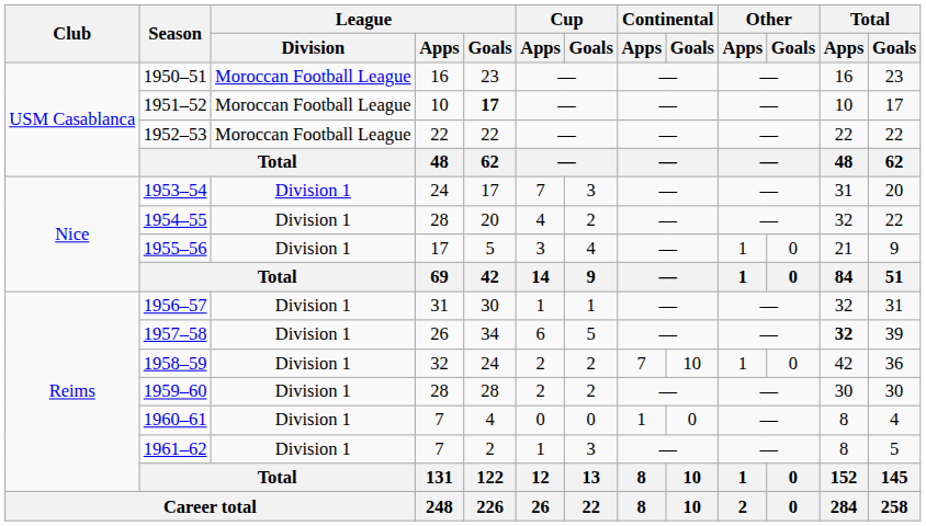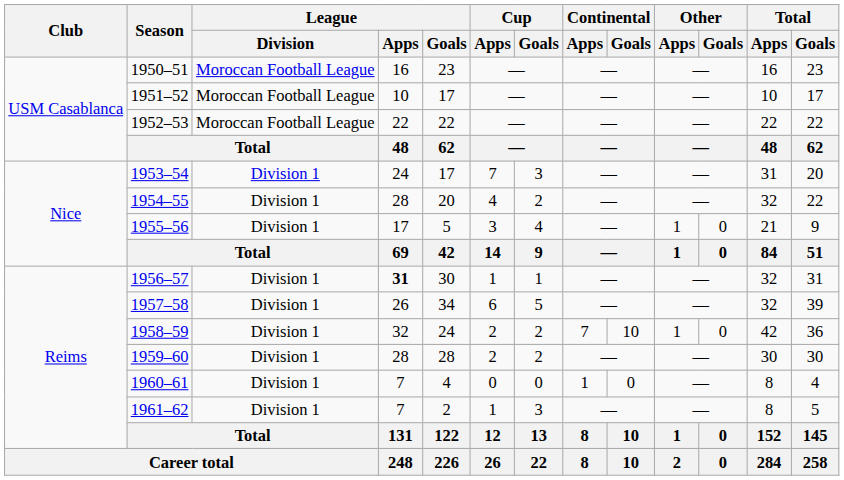 <table class=wikitable style=text-align:center>
 <tr>
 <th rowspan=2>Club</th>
 <th rowspan=2>Season</th>
 <th colspan=3>League</th>
 <th colspan=2>Cup</th>
 <th colspan=2>Continental</th>
 <th colspan=2>Other</th>
 <th colspan=2>Total</th>
 </tr>
 <tr>
 <th>Division</th>
 <th>Apps</th>
 <th>Goals</th>
 <th>Apps</th>
 <th>Goals</th>
 <th>Apps</th>
 <th>Goals</th>
 <th>Apps</th>
 <th>Goals</th>
 <th>Apps</th>
 <th>Goals</th>
 </tr>
 <tr>
 <td rowspan=4><a href='#'>USM Casablanca</a></td>
 <td>1950–51</td>
 <td><a href='#'>Moroccan Football League</a></td>
 <td>16</td>
 <td>23</td>
 <td colspan="2">—</td>
 <td colspan="2">—</td>
 <td colspan="2">—</td>
 <td>16</td>
 <td>23</td>
 </tr>
 <tr>
 <td>1951–52</td>
 <td>Moroccan Football League</td>
 <td>10</td>
-<td><strong>17</strong></td>
+<td>17</td>
 <td colspan="2">—</td>
 <td colspan="2">—</td>
 <td colspan="2">—</td>
 <td>10</td>
 <td>17</td>
 </tr>
 <tr>
 <td>1952–53</td>
 <td>Moroccan Football League</td>
 <td>22</td>
 <td>22</td>
 <td colspan="2">—</td>
 <td colspan="2">—</td>
 <td colspan="2">—</td>
 <td>22</td>
 <td>22</td>
 </tr>
 <tr>
 <th colspan=2>Total</th>
 <th>48</th>
 <th>62</th>
 <th colspan="2">—</th>
 <th colspan="2">—</th>
 <th colspan="2">—</th>
 <th>48</th>
 <th>62</th>
 </tr>
 <tr>
 <td rowspan=4><a href='#'>Nice</a></td>
 <td><a href='#'>1953–54</a></td>
 <td><a href='#'>Division 1</a></td>
 <td>24</td>
 <td>17</td>
 <td>7</td>
 <td>3</td>
 <td colspan="2">—</td>
 <td colspan="2">—</td>
 <td>31</td>
 <td>20</td>
 </tr>
 <tr>
 <td><a href='#'>1954–55</a></td>
 <td>Division 1</td>
 <td>28</td>
 <td>20</td>
 <td>4</td>
 <td>2</td>
 <td colspan="2">—</td>
 <td colspan="2">—</td>
 <td>32</td>
 <td>22</td>
 </tr>
 <tr>
 <td><a href='#'>1955–56</a></td>
 <td>Division 1</td>
 <td>17</td>
 <td>5</td>
 <td>3</td>
 <td>4</td>
 <td colspan="2">—</td>
 <td>1</td>
 <td>0</td>
 <td>21</td>
 <td>9</td>
 </tr>
 <tr>
 <th colspan=2>Total</th>
 <th>69</th>
 <th>42</th>
 <th>14</th>
 <th>9</th>
 <th colspan="2">—</th>
 <th>1</th>
 <th>0</th>
 <th>84</th>
 <th>51</th>
 </tr>
 <tr>
 <td rowspan=7><a href='#'>Reims</a></td>
 <td><a href='#'>1956–57</a></td>
 <td>Division 1</td>
-<td>31</td>
+<td><strong>31</strong></td>
 <td>30</td>
 <td>1</td>
 <td>1</td>
 <td colspan="2">—</td>
 <td colspan="2">—</td>
 <td>32</td>
 <td>31</td>
 </tr>
 <tr>
 <td><a href='#'>1957–58</a></td>
 <td>Division 1</td>
 <td>26</td>
 <td>34</td>
 <td>6</td>
 <td>5</td>
 <td colspan="2">—</td>
 <td colspan="2">—</td>
-<td><strong>32</strong></td>
+<td>32</td>
 <td>39</td>
 </tr>
 <tr>
 <td><a href='#'>1958–59</a></td>
 <td>Division 1</td>
 <td>32</td>
 <td>24</td>
 <td>2</td>
 <td>2</td>
 <td>7</td>
 <td>10</td>
 <td>1</td>
 <td>0</td>
 <td>42</td>
 <td>36</td>
 </tr>
 <tr>
 <td><a href='#'>1959–60</a></td>
 <td>Division 1</td>
 <td>28</td>
 <td>28</td>
 <td>2</td>
 <td>2</td>
 <td colspan="2">—</td>
 <td colspan="2">—</td>
 <td>30</td>
 <td>30</td>
 </tr>
 <tr>
 <td><a href='#'>1960–61</a></td>
 <td>Division 1</td>
 <td>7</td>
 <td>4</td>
 <td>0</td>
 <td>0</td>
 <td>1</td>
 <td>0</td>
 <td colspan="2">—</td>
 <td>8</td>
 <td>4</td>
 </tr>
 <tr>
 <td><a href='#'>1961–62</a></td>
 <td>Division 1</td>
 <td>7</td>
 <td>2</td>
 <td>1</td>
 <td>3</td>
 <td colspan="2">—</td>
 <td colspan="2">—</td>
 <td>8</td>
 <td>5</td>
 </tr>
 <tr>
 <th colspan=2>Total</th>
 <th>131</th>
 <th>122</th>
 <th>12</th>
 <th>13</th>
 <th>8</th>
 <th>10</th>
 <th>1</th>
 <th>0</th>
 <th>152</th>
 <th>145</th>
 </tr>
 <tr>
 <th colspan=3>Career total</th>
 <th>248</th>
 <th>226</th>
 <th>26</th>
 <th>22</th>
 <th>8</th>
 <th>10</th>
 <th>2</th>
 <th>0</th>
 <th>284</th>
 <th>258</th>
 </tr>
 </table>
